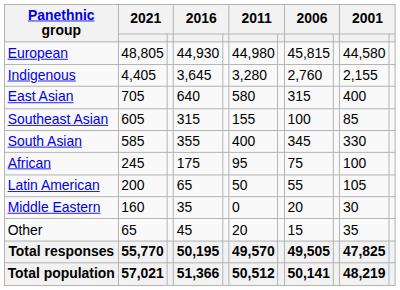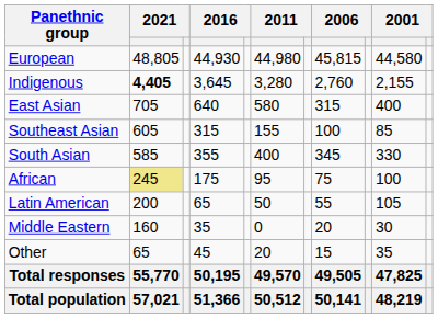 <table class="wikitable collapsible sortable">
 <tr>
 <th rowspan="2"><a href='#'>Panethnic</a><br>group</th>
 <th colspan="2">2021</th>
 <th colspan="2">2016</th>
 <th colspan="2">2011</th>
 <th colspan="2">2006</th>
 <th colspan="2">2001</th>
 </tr>
 <tr>
 <th><a href='#'></a></th>
 <th></th>
 <th></th>
 <th></th>
 <th></th>
 <th></th>
 <th></th>
 <th></th>
 <th></th>
 <th></th>
 </tr>
 <tr>
 <td><a href='#'>European</a></td>
 <td>48,805</td>
 <td></td>
 <td>44,930</td>
 <td></td>
 <td>44,980</td>
 <td></td>
 <td>45,815</td>
 <td></td>
 <td>44,580</td>
 <td></td>
 </tr>
 <tr>
 <td><a href='#'>Indigenous</a></td>
-<td>4,405</td>
+<td><strong>4,405</strong></td>
 <td></td>
 <td>3,645</td>
 <td></td>
 <td>3,280</td>
 <td></td>
 <td>2,760</td>
 <td></td>
 <td>2,155</td>
 <td></td>
 </tr>
 <tr>
 <td><a href='#'>East Asian</a></td>
 <td>705</td>
 <td></td>
 <td>640</td>
 <td></td>
 <td>580</td>
 <td></td>
 <td>315</td>
 <td></td>
 <td>400</td>
 <td></td>
 </tr>
 <tr>
 <td><a href='#'>Southeast Asian</a></td>
 <td>605</td>
 <td></td>
 <td>315</td>
 <td></td>
 <td>155</td>
 <td></td>
 <td>100</td>
 <td></td>
 <td>85</td>
 <td></td>
 </tr>
 <tr>
 <td><a href='#'>South Asian</a></td>
 <td>585</td>
 <td></td>
 <td>355</td>
 <td></td>
 <td>400</td>
 <td></td>
 <td>345</td>
 <td></td>
 <td>330</td>
 <td></td>
 </tr>
 <tr>
 <td><a href='#'>African</a></td>
-<td>245</td>
+<td style="background: khaki;">245</td>
 <td></td>
 <td>175</td>
 <td></td>
 <td>95</td>
 <td></td>
 <td>75</td>
 <td></td>
 <td>100</td>
 <td></td>
 </tr>
 <tr>
 <td><a href='#'>Latin American</a></td>
 <td>200</td>
 <td></td>
 <td>65</td>
 <td></td>
 <td>50</td>
 <td></td>
 <td>55</td>
 <td></td>
 <td>105</td>
 <td></td>
 </tr>
 <tr>
 <td><a href='#'>Middle Eastern</a></td>
 <td>160</td>
 <td></td>
 <td>35</td>
 <td></td>
 <td>0</td>
 <td></td>
 <td>20</td>
 <td></td>
 <td>30</td>
 <td></td>
 </tr>
 <tr>
 <td>Other</td>
 <td>65</td>
 <td></td>
 <td>45</td>
 <td></td>
 <td>20</td>
 <td></td>
 <td>15</td>
 <td></td>
 <td>35</td>
 <td></td>
 </tr>
 <tr>
 <th>Total responses</th>
 <th>55,770</th>
 <th></th>
 <th>50,195</th>
 <th></th>
 <th>49,570</th>
 <th></th>
 <th>49,505</th>
 <th></th>
 <th>47,825</th>
 <th></th>
 </tr>
 <tr>
 <th>Total population</th>
 <th>57,021</th>
 <th></th>
 <th>51,366</th>
 <th></th>
 <th>50,512</th>
 <th></th>
 <th>50,141</th>
 <th></th>
 <th>48,219</th>
 <th></th>
 </tr>
 </table>
